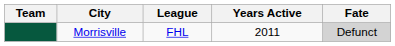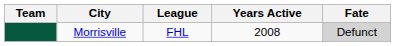 <table class="wikitable sortable" width="60%">
 <tr>
 <th>Team</th>
 <th>City</th>
 <th>League</th>
 <th>Years Active</th>
 <th>Fate</th>
 </tr>
 <tr align=center>
 <td style="color:white; background:#06583e; "><strong><a href='#'></a></strong></td>
 <td><a href='#'>Morrisville</a></td>
 <td><a href='#'>FHL</a></td>
-<td>2011</td>
+<td>2008</td>
 <td style="background: lightgrey;">Defunct</td>
 </tr>
 </table>
